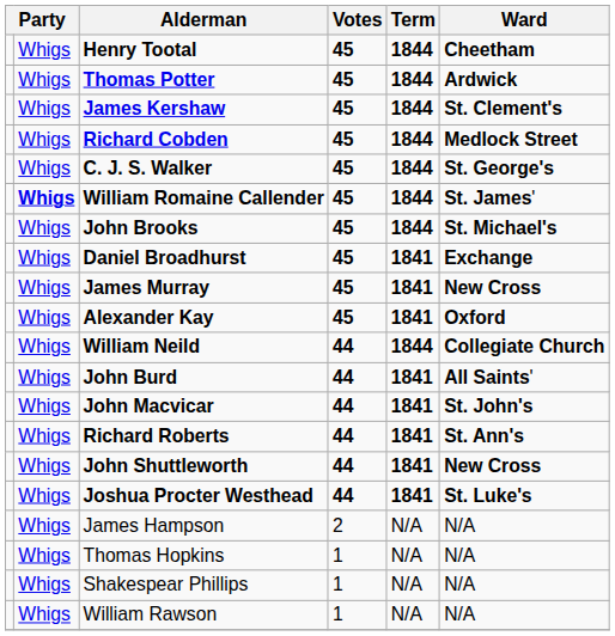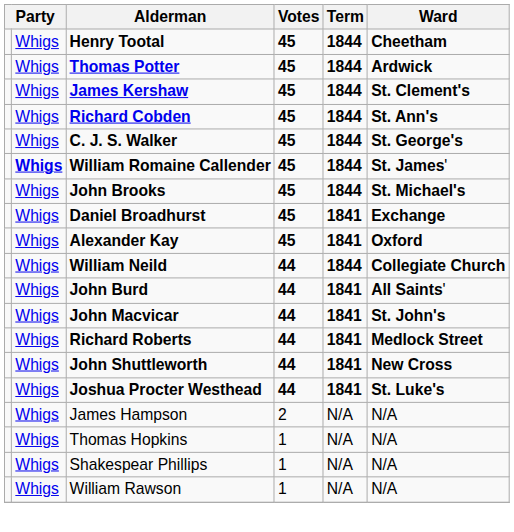 <table class="wikitable">
 <tr>
 <th colspan="2">Party</th>
 <th>Alderman</th>
 <th>Votes</th>
 <th>Term</th>
 <th>Ward</th>
 </tr>
 <tr>
 <td style="background-color:"></td>
 <td><a href='#'>Whigs</a></td>
 <td><strong>Henry Tootal</strong></td>
 <td><strong>45</strong></td>
 <td><strong>1844</strong></td>
 <td><strong>Cheetham</strong></td>
 </tr>
 <tr>
 <td style="background-color:"></td>
 <td><a href='#'>Whigs</a></td>
 <td><strong><a href='#'>Thomas Potter</a></strong></td>
 <td><strong>45</strong></td>
 <td><strong>1844</strong></td>
 <td><strong>Ardwick</strong></td>
 </tr>
 <tr>
 <td style="background-color:"></td>
 <td><a href='#'>Whigs</a></td>
 <td><strong><a href='#'>James Kershaw</a></strong></td>
 <td><strong>45</strong></td>
 <td><strong>1844</strong></td>
 <td><strong>St. Clement's</strong></td>
 </tr>
 <tr>
 <td style="background-color:"></td>
 <td><a href='#'>Whigs</a></td>
 <td><strong><a href='#'>Richard Cobden</a></strong></td>
 <td><strong>45</strong></td>
 <td><strong>1844</strong></td>
-<td><strong>Medlock Street</strong></td>
+<td><strong>St. Ann's</strong></td>
 </tr>
 <tr>
 <td style="background-color:"></td>
 <td><a href='#'>Whigs</a></td>
 <td><strong>C. J. S. Walker</strong></td>
 <td><strong>45</strong></td>
 <td><strong>1844</strong></td>
 <td><strong>St. George's</strong></td>
 </tr>
 <tr>
 <td style="background-color:"></td>
 <td><strong><a href='#'>Whigs</a></strong></td>
 <td><strong>William Romaine Callender</strong></td>
 <td><strong>45</strong></td>
 <td><strong>1844</strong></td>
 <td><strong>St. James</strong>'</td>
 </tr>
 <tr>
 <td style="background-color:"></td>
 <td><a href='#'>Whigs</a></td>
 <td><strong>John Brooks</strong></td>
 <td><strong>45</strong></td>
 <td><strong>1844</strong></td>
 <td><strong>St. Michael's</strong></td>
 </tr>
 <tr>
 <td style="background-color:"></td>
 <td><a href='#'>Whigs</a></td>
 <td><strong>Daniel Broadhurst</strong></td>
 <td><strong>45</strong></td>
 <td><strong>1841</strong></td>
 <td><strong>Exchange</strong></td>
-</tr>
-<tr>
-<td style="background-color:"></td>
-<td><a href='#'>Whigs</a></td>
-<td><strong>James Murray</strong></td>
-<td><strong>45</strong></td>
-<td><strong>1841</strong></td>
-<td><strong>New Cross</strong></td>
 </tr>
 <tr>
 <td style="background-color:"></td>
 <td><a href='#'>Whigs</a></td>
 <td><strong>Alexander Kay</strong></td>
 <td><strong>45</strong></td>
 <td><strong>1841</strong></td>
 <td><strong>Oxford</strong></td>
 </tr>
 <tr>
 <td style="background-color:"></td>
 <td><a href='#'>Whigs</a></td>
 <td><strong>William Neild</strong></td>
 <td><strong>44</strong></td>
 <td><strong>1844</strong></td>
 <td><strong>Collegiate Church</strong></td>
 </tr>
 <tr>
 <td style="background-color:"></td>
 <td><a href='#'>Whigs</a></td>
 <td><strong>John Burd</strong></td>
 <td><strong>44</strong></td>
 <td><strong>1841</strong></td>
 <td><strong>All Saints</strong>'</td>
 </tr>
 <tr>
 <td style="background-color:"></td>
 <td><a href='#'>Whigs</a></td>
 <td><strong>John Macvicar</strong></td>
 <td><strong>44</strong></td>
 <td><strong>1841</strong></td>
 <td><strong>St. John's</strong></td>
 </tr>
 <tr>
 <td style="background-color:"></td>
 <td><a href='#'>Whigs</a></td>
 <td><strong>Richard Roberts</strong></td>
 <td><strong>44</strong></td>
 <td><strong>1841</strong></td>
-<td><strong>St. Ann's</strong></td>
+<td><strong>Medlock Street</strong></td>
 </tr>
 <tr>
 <td style="background-color:"></td>
 <td><a href='#'>Whigs</a></td>
 <td><strong>John Shuttleworth</strong></td>
 <td><strong>44</strong></td>
 <td><strong>1841</strong></td>
 <td><strong>New Cross</strong></td>
 </tr>
 <tr>
 <td style="background-color:"></td>
 <td><a href='#'>Whigs</a></td>
 <td><strong>Joshua Procter Westhead</strong></td>
 <td><strong>44</strong></td>
 <td><strong>1841</strong></td>
 <td><strong>St. Luke's</strong></td>
 </tr>
 <tr>
 <td style="background-color:"></td>
 <td><a href='#'>Whigs</a></td>
 <td>James Hampson</td>
 <td>2</td>
 <td>N/A</td>
 <td>N/A</td>
 </tr>
 <tr>
 <td style="background-color:"></td>
 <td><a href='#'>Whigs</a></td>
 <td>Thomas Hopkins</td>
 <td>1</td>
 <td>N/A</td>
 <td>N/A</td>
 </tr>
 <tr>
 <td style="background-color:"></td>
 <td><a href='#'>Whigs</a></td>
 <td>Shakespear Phillips</td>
 <td>1</td>
 <td>N/A</td>
 <td>N/A</td>
 </tr>
 <tr>
 <td style="background-color:"></td>
 <td><a href='#'>Whigs</a></td>
 <td>William Rawson</td>
 <td>1</td>
 <td>N/A</td>
 <td>N/A</td>
 </tr>
 <tr>
 </tr>
 </table>
